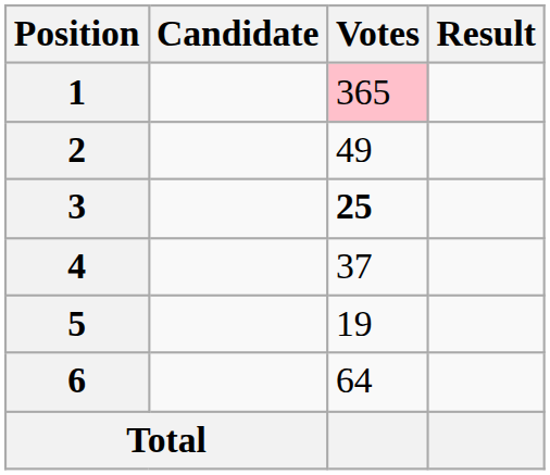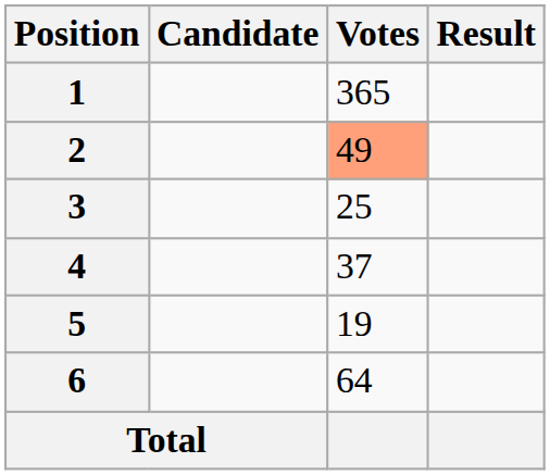 <table class="wikitable sortable col3right">
 <tr>
 <th scope="col">Position</th>
 <th scope="col">Candidate</th>
 <th scope="col">Votes</th>
 <th scope="col">Result</th>
 </tr>
 <tr>
 <th scope="row">1</th>
 <td></td>
-<td style="background: pink;">365</td>
+<td>365</td>
 <td></td>
 </tr>
 <tr>
 <th scope="row">2</th>
 <td></td>
-<td>49</td>
+<td style="background: lightsalmon;">49</td>
 <td></td>
 </tr>
 <tr>
 <th scope="row">3</th>
 <td></td>
-<td><strong>25</strong></td>
+<td>25</td>
 <td></td>
 </tr>
 <tr>
 <th scope="row">4</th>
 <td></td>
 <td>37</td>
 <td></td>
 </tr>
 <tr>
 <th scope="row">5</th>
 <td></td>
 <td>19</td>
 <td></td>
 </tr>
 <tr>
 <th scope="row">6</th>
 <td></td>
 <td>64</td>
 <td></td>
 </tr>
 <tr class="sortbottom">
 <th scope="row" colspan="2">Total</th>
 <th></th>
 <th></th>
 </tr>
 </table>
